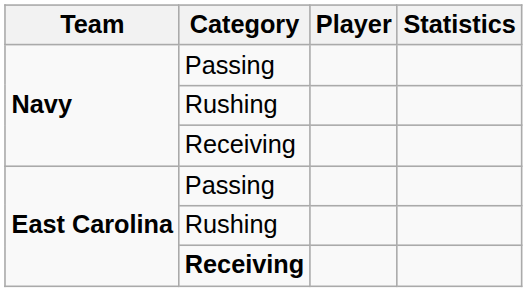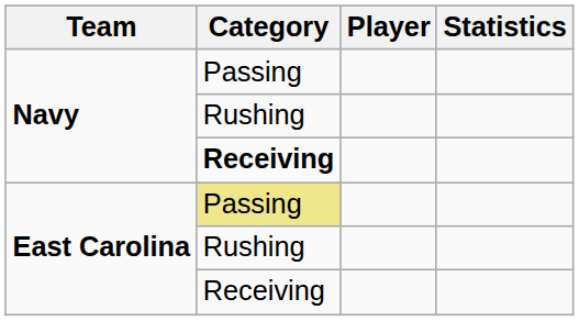 <table class="wikitable" style="float: right;">
 <tr>
 <th>Team</th>
 <th>Category</th>
 <th>Player</th>
 <th>Statistics</th>
 </tr>
 <tr>
 <td rowspan=3><strong>Navy</strong></td>
 <td>Passing</td>
 <td></td>
 <td></td>
 </tr>
 <tr>
 <td>Rushing</td>
 <td></td>
 <td></td>
 </tr>
 <tr>
-<td>Receiving</td>
+<td><strong>Receiving</strong></td>
 <td></td>
 <td></td>
 </tr>
 <tr>
 <td rowspan=3><strong>East Carolina</strong></td>
-<td>Passing</td>
+<td style="background: khaki;">Passing</td>
 <td></td>
 <td></td>
 </tr>
 <tr>
 <td>Rushing</td>
 <td></td>
 <td></td>
 </tr>
 <tr>
-<td><strong>Receiving</strong></td>
+<td>Receiving</td>
 <td></td>
 <td></td>
 </tr>
 </table>
